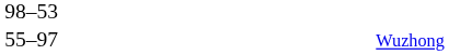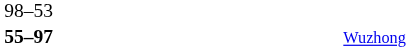 <table style="text-align:center">
 <tr>
 <th width=200></th>
 <th width=100></th>
 <th width=200></th>
 <th></th>
 </tr>
 <tr>
 <td align=right><strong></strong></td>
 <td>98–53</td>
 <td align=left></td>
 </tr>
 <tr>
 <td align=right></td>
-<td>55–97</td>
+<td><strong>55–97</strong></td>
 <td align=left><strong></strong></td>
 <td align=left><small><a href='#'>Wuzhong</a></small></td>
 </tr>
 </table>
